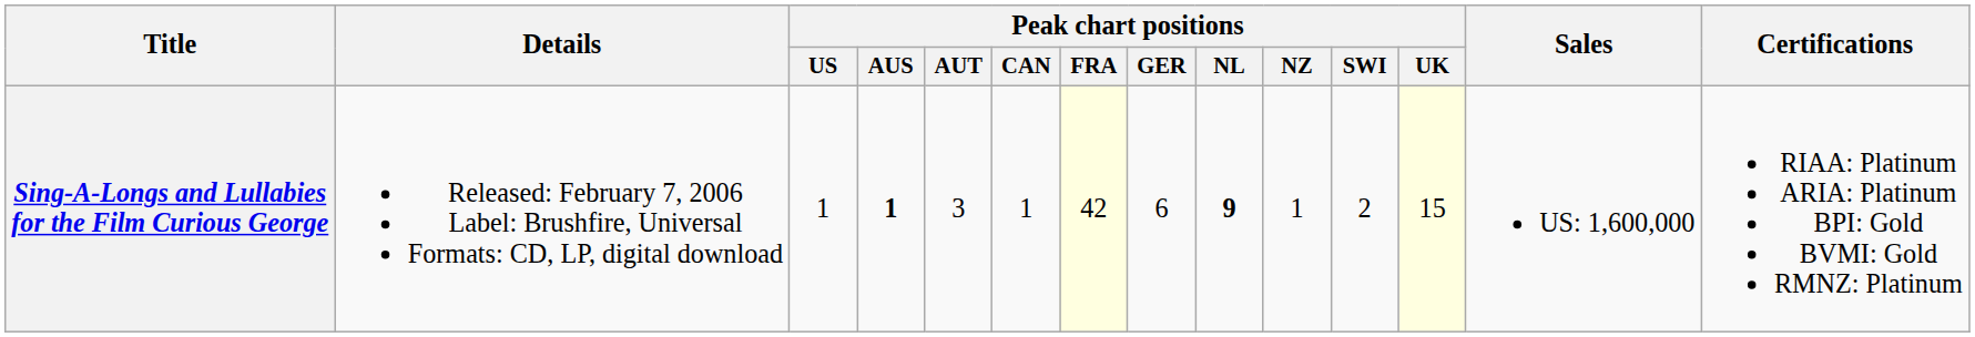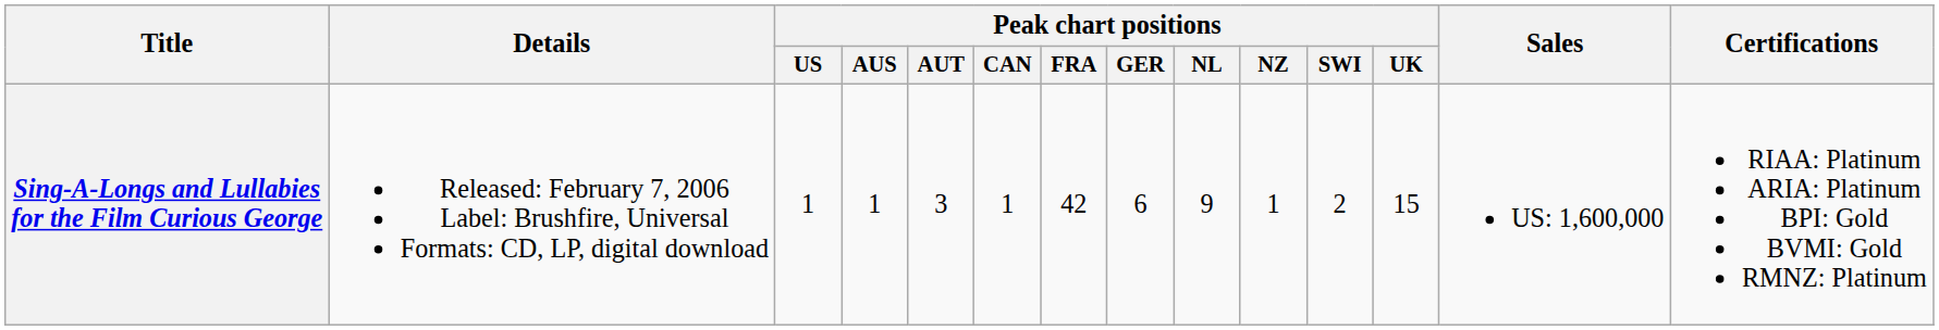 <table class="wikitable plainrowheaders" style="text-align:center;">
 <tr>
 <th scope=col rowspan="2">Title</th>
 <th scope=col rowspan="2">Details</th>
 <th scope=col colspan="10">Peak chart positions</th>
 <th scope=col rowspan="2">Sales</th>
 <th scope=col rowspan="2">Certifications</th>
 </tr>
 <tr>
 <th scope=col style="width:2.5em;font-size:85%">US<br></th>
 <th scope=col style="width:2.5em;font-size:85%">AUS<br></th>
 <th scope=col style="width:2.5em;font-size:85%">AUT<br></th>
 <th scope=col style="width:2.5em;font-size:85%">CAN<br></th>
 <th scope=col style="width:2.5em;font-size:85%">FRA<br></th>
 <th scope=col style="width:2.5em;font-size:85%">GER<br></th>
 <th style="width:2.5em;font-size:85%">NL<br></th>
 <th style="width:2.5em;font-size:85%">NZ<br></th>
 <th style="width:2.5em;font-size:85%">SWI<br></th>
 <th style="width:2.5em;font-size:85%">UK<br></th>
 </tr>
 <tr>
 <th scope="row"><em><a href='#'>Sing-A-Longs and Lullabies<br>for the Film Curious George</a></em></th>
 <td><br><ul><li>Released: February 7, 2006</li><li>Label: Brushfire, Universal</li><li>Formats: CD, LP, digital download</li></ul></td>
 <td>1</td>
-<td><strong>1</strong></td>
+<td>1</td>
 <td>3</td>
 <td>1</td>
-<td style="background: lightyellow;">42</td>
+<td>42</td>
 <td>6</td>
-<td><strong>9</strong></td>
+<td>9</td>
 <td>1</td>
 <td>2</td>
-<td style="background: lightyellow;">15</td>
+<td>15</td>
 <td><br><ul><li>US: 1,600,000</li></ul></td>
 <td><br><ul><li>RIAA: Platinum</li><li>ARIA: Platinum</li><li>BPI: Gold</li><li>BVMI: Gold</li><li>RMNZ: Platinum</li></ul></td>
 </tr>
 </table>
